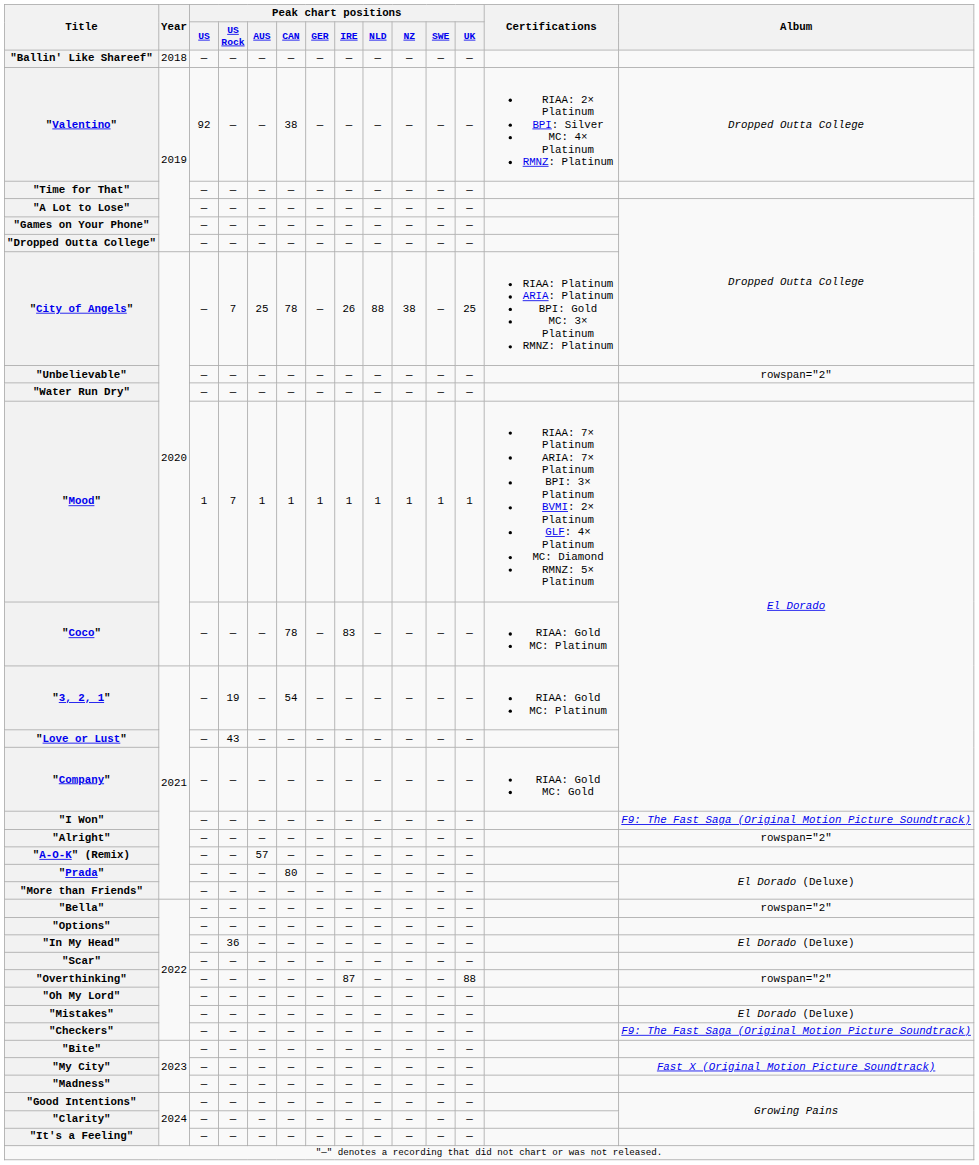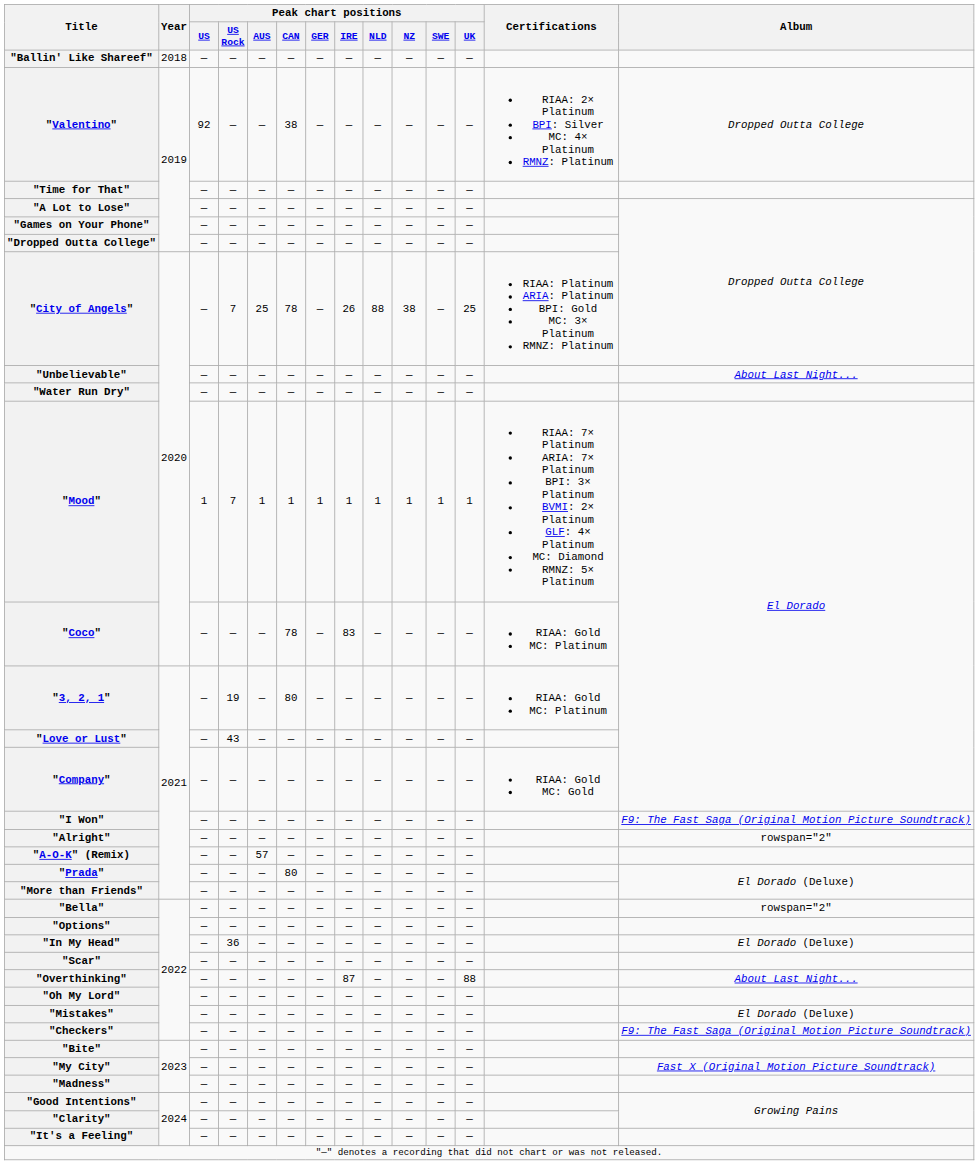 <table class="wikitable plainrowheaders" style="text-align:center">
 <tr>
 <th rowspan="2">Title</th>
 <th rowspan="2">Year</th>
 <th colspan="10">Peak chart positions</th>
 <th rowspan="2" style="width:12em;">Certifications</th>
 <th rowspan="2">Album</th>
 </tr>
 <tr>
 <th scope="col" style="width:2.5em;font-size:90%;"><a href='#'>US</a><br></th>
 <th scope="col" style="width:2.5em;font-size:90%;"><a href='#'>US<br>Rock</a><br></th>
 <th scope="col" style="width:2.5em;font-size:90%;"><a href='#'>AUS</a><br></th>
 <th scope="col" style="width:2.5em;font-size:90%;"><a href='#'>CAN</a><br></th>
 <th scope="col" style="width:2.5em;font-size:90%;"><a href='#'>GER</a><br></th>
 <th scope="col" style="width:2.5em;font-size:90%;"><a href='#'>IRE</a><br></th>
 <th scope="col" style="width:2.5em;font-size:90%;"><a href='#'>NLD</a><br></th>
 <th scope="col" style="width:3em;font-size:90%;"><a href='#'>NZ</a><br></th>
 <th scope="col" style="width:2.5em;font-size:90%;"><a href='#'>SWE</a><br></th>
 <th scope="col" style="width:2.5em;font-size:90%;"><a href='#'>UK</a><br></th>
 </tr>
 <tr>
 <th scope="row">"Ballin' Like Shareef"</th>
 <td>2018</td>
 <td>—</td>
 <td>—</td>
 <td>—</td>
 <td>—</td>
 <td>—</td>
 <td>—</td>
 <td>—</td>
 <td>—</td>
 <td>—</td>
 <td>—</td>
 <td></td>
 <td></td>
 </tr>
 <tr>
 <th scope="row">"<a href='#'>Valentino</a>"</th>
 <td rowspan="5">2019</td>
 <td>92</td>
 <td>—</td>
 <td>—</td>
 <td>38</td>
 <td>—</td>
 <td>—</td>
 <td>—</td>
 <td>—</td>
 <td>—</td>
 <td>—</td>
 <td><br><ul><li>RIAA: 2× Platinum</li><li><a href='#'>BPI</a>: Silver</li><li>MC: 4× Platinum</li><li><a href='#'>RMNZ</a>: Platinum</li></ul></td>
 <td><em>Dropped Outta College</em></td>
 </tr>
 <tr>
 <th scope="row">"Time for That"</th>
 <td>—</td>
 <td>—</td>
 <td>—</td>
 <td>—</td>
 <td>—</td>
 <td>—</td>
 <td>—</td>
 <td>—</td>
 <td>—</td>
 <td>—</td>
 <td></td>
 <td></td>
 </tr>
 <tr>
 <th scope="row">"A Lot to Lose"</th>
 <td>—</td>
 <td>—</td>
 <td>—</td>
 <td>—</td>
 <td>—</td>
 <td>—</td>
 <td>—</td>
 <td>—</td>
 <td>—</td>
 <td>—</td>
 <td></td>
 <td rowspan="4"><em>Dropped Outta College</em></td>
 </tr>
 <tr>
 <th scope="row">"Games on Your Phone"</th>
 <td>—</td>
 <td>—</td>
 <td>—</td>
 <td>—</td>
 <td>—</td>
 <td>—</td>
 <td>—</td>
 <td>—</td>
 <td>—</td>
 <td>—</td>
 <td></td>
 </tr>
 <tr>
 <th scope="row">"Dropped Outta College"</th>
 <td>—</td>
 <td>—</td>
 <td>—</td>
 <td>—</td>
 <td>—</td>
 <td>—</td>
 <td>—</td>
 <td>—</td>
 <td>—</td>
 <td>—</td>
 <td></td>
 </tr>
 <tr>
 <th scope="row">"<a href='#'>City of Angels</a>"</th>
 <td rowspan="5">2020</td>
 <td>—</td>
 <td>7</td>
 <td>25</td>
 <td>78</td>
 <td>—</td>
 <td>26</td>
 <td>88</td>
 <td>38</td>
 <td>—</td>
 <td>25</td>
 <td><br><ul><li>RIAA: Platinum</li><li><a href='#'>ARIA</a>: Platinum</li><li>BPI: Gold</li><li>MC: 3× Platinum</li><li>RMNZ: Platinum</li></ul></td>
 </tr>
 <tr>
 <th scope="row">"Unbelievable"<br></th>
 <td>—</td>
 <td>—</td>
 <td>—</td>
 <td>—</td>
 <td>—</td>
 <td>—</td>
 <td>—</td>
 <td>—</td>
 <td>—</td>
 <td>—</td>
 <td></td>
-<td>rowspan="2" </td>
+<td><em><a href='#'>About Last Night...</a></em></td>
 </tr>
 <tr>
 <th scope="row">"Water Run Dry"<br></th>
 <td>—</td>
 <td>—</td>
 <td>—</td>
 <td>—</td>
 <td>—</td>
 <td>—</td>
 <td>—</td>
 <td>—</td>
 <td>—</td>
 <td>—</td>
 <td></td>
 </tr>
 <tr>
 <th scope="row">"<a href='#'>Mood</a>"<br></th>
 <td>1</td>
 <td>7</td>
 <td>1</td>
 <td>1</td>
 <td>1</td>
 <td>1</td>
 <td>1</td>
 <td>1</td>
 <td>1</td>
 <td>1</td>
 <td><br><ul><li>RIAA: 7× Platinum</li><li>ARIA: 7× Platinum</li><li>BPI: 3× Platinum</li><li><a href='#'>BVMI</a>: 2× Platinum</li><li><a href='#'>GLF</a>: 4× Platinum</li><li>MC: Diamond</li><li>RMNZ: 5× Platinum</li></ul></td>
 <td rowspan="5"><em><a href='#'>El Dorado</a></em></td>
 </tr>
 <tr>
 <th scope="row">"<a href='#'>Coco</a>"<br></th>
 <td>—</td>
 <td>—</td>
 <td>—</td>
 <td>78</td>
 <td>—</td>
 <td>83</td>
 <td>—</td>
 <td>—</td>
 <td>—</td>
 <td>—</td>
 <td><br><ul><li>RIAA: Gold</li><li>MC: Platinum</li></ul></td>
 </tr>
 <tr>
 <th scope="row">"<a href='#'>3, 2, 1</a>"</th>
 <td rowspan="8">2021</td>
 <td>—</td>
 <td>19</td>
 <td>—</td>
-<td>54</td>
+<td>80</td>
 <td>—</td>
 <td>—</td>
 <td>—</td>
 <td>—</td>
 <td>—</td>
 <td>—</td>
 <td><br><ul><li>RIAA: Gold</li><li>MC: Platinum</li></ul></td>
 </tr>
 <tr>
 <th scope="row">"<a href='#'>Love or Lust</a>"</th>
 <td>—</td>
 <td>43</td>
 <td>—</td>
 <td>—</td>
 <td>—</td>
 <td>—</td>
 <td>—</td>
 <td>—</td>
 <td>—</td>
 <td>—</td>
 <td></td>
 </tr>
 <tr>
 <th scope="row">"<a href='#'>Company</a>"<br></th>
 <td>—</td>
 <td>—</td>
 <td>—</td>
 <td>—</td>
 <td>—</td>
 <td>—</td>
 <td>—</td>
 <td>—</td>
 <td>—</td>
 <td>—</td>
 <td><br><ul><li>RIAA: Gold</li><li>MC: Gold</li></ul></td>
 </tr>
 <tr>
 <th scope="row">"I Won"<br></th>
 <td>—</td>
 <td>—</td>
 <td>—</td>
 <td>—</td>
 <td>—</td>
 <td>—</td>
 <td>—</td>
 <td>—</td>
 <td>—</td>
 <td>—</td>
 <td></td>
 <td><em><a href='#'>F9: The Fast Saga (Original Motion Picture Soundtrack)</a></em></td>
 </tr>
 <tr>
 <th scope="row">"Alright"<br></th>
 <td>—</td>
 <td>—</td>
 <td>—</td>
 <td>—</td>
 <td>—</td>
 <td>—</td>
 <td>—</td>
 <td>—</td>
 <td>—</td>
 <td>—</td>
 <td></td>
 <td>rowspan="2" </td>
 </tr>
 <tr>
 <th scope="row">"<a href='#'>A-O-K</a>" (Remix)<br></th>
 <td>—</td>
 <td>—</td>
 <td>57</td>
 <td>—</td>
 <td>—</td>
 <td>—</td>
 <td>—</td>
 <td>—</td>
 <td>—</td>
 <td>—</td>
 <td></td>
 </tr>
 <tr>
 <th scope="row">"<a href='#'>Prada</a>"<br></th>
 <td>—</td>
 <td>—</td>
 <td>—</td>
 <td>80</td>
 <td>—</td>
 <td>—</td>
 <td>—</td>
 <td>—</td>
 <td>—</td>
 <td>—</td>
 <td></td>
 <td rowspan="2"><em>El Dorado</em> (Deluxe)</td>
 </tr>
 <tr>
 <th scope="row">"More than Friends"</th>
 <td>—</td>
 <td>—</td>
 <td>—</td>
 <td>—</td>
 <td>—</td>
 <td>—</td>
 <td>—</td>
 <td>—</td>
 <td>—</td>
 <td>—</td>
 <td></td>
 </tr>
 <tr>
 <th scope="row">"Bella"<br></th>
 <td rowspan="8">2022</td>
 <td>—</td>
 <td>—</td>
 <td>—</td>
 <td>—</td>
 <td>—</td>
 <td>—</td>
 <td>—</td>
 <td>—</td>
 <td>—</td>
 <td>—</td>
 <td></td>
 <td>rowspan="2" </td>
 </tr>
 <tr>
 <th scope="row">"Options"<br></th>
 <td>—</td>
 <td>—</td>
 <td>—</td>
 <td>—</td>
 <td>—</td>
 <td>—</td>
 <td>—</td>
 <td>—</td>
 <td>—</td>
 <td>—</td>
 <td></td>
 </tr>
 <tr>
 <th scope="row">"In My Head"<br></th>
 <td>—</td>
 <td>36</td>
 <td>—</td>
 <td>—</td>
 <td>—</td>
 <td>—</td>
 <td>—</td>
 <td>—</td>
 <td>—</td>
 <td>—</td>
 <td></td>
 <td><em>El Dorado</em> (Deluxe)</td>
 </tr>
 <tr>
 <th scope="row">"Scar"<br></th>
 <td>—</td>
 <td>—</td>
 <td>—</td>
 <td>—</td>
 <td>—</td>
 <td>—</td>
 <td>—</td>
 <td>—</td>
 <td>—</td>
 <td>—</td>
 <td></td>
 <td></td>
 </tr>
 <tr>
 <th scope="row">"Overthinking"<br></th>
 <td>—</td>
 <td>—</td>
 <td>—</td>
 <td>—</td>
 <td>—</td>
 <td>87</td>
 <td>—</td>
 <td>—</td>
 <td>—</td>
 <td>88</td>
 <td></td>
-<td>rowspan="2" </td>
+<td><em><a href='#'>About Last Night...</a></em></td>
 </tr>
 <tr>
 <th scope="row">"Oh My Lord"<br></th>
 <td>—</td>
 <td>—</td>
 <td>—</td>
 <td>—</td>
 <td>—</td>
 <td>—</td>
 <td>—</td>
 <td>—</td>
 <td>—</td>
 <td>—</td>
 <td></td>
 <td></td>
 </tr>
 <tr>
 <th scope="row">"Mistakes"</th>
 <td>—</td>
 <td>—</td>
 <td>—</td>
 <td>—</td>
 <td>—</td>
 <td>—</td>
 <td>—</td>
 <td>—</td>
 <td>—</td>
 <td>—</td>
 <td></td>
 <td><em>El Dorado</em> (Deluxe)</td>
 </tr>
 <tr>
 <th scope="row">"Checkers"<br></th>
 <td>—</td>
 <td>—</td>
 <td>—</td>
 <td>—</td>
 <td>—</td>
 <td>—</td>
 <td>—</td>
 <td>—</td>
 <td>—</td>
 <td>—</td>
 <td></td>
 <td><em><a href='#'>F9: The Fast Saga (Original Motion Picture Soundtrack)</a></em></td>
 </tr>
 <tr>
 <th scope="row">"Bite"</th>
 <td rowspan="3">2023</td>
 <td>—</td>
 <td>—</td>
 <td>—</td>
 <td>—</td>
 <td>—</td>
 <td>—</td>
 <td>—</td>
 <td>—</td>
 <td>—</td>
 <td>—</td>
 <td></td>
 </tr>
 <tr>
 <th scope="row">"My City"<br></th>
 <td>—</td>
 <td>—</td>
 <td>—</td>
 <td>—</td>
 <td>—</td>
 <td>—</td>
 <td>—</td>
 <td>—</td>
 <td>—</td>
 <td>—</td>
 <td></td>
 <td><em><a href='#'>Fast X (Original Motion Picture Soundtrack)</a></em></td>
 </tr>
 <tr>
 <th scope="row">"Madness"<br></th>
 <td>—</td>
 <td>—</td>
 <td>—</td>
 <td>—</td>
 <td>—</td>
 <td>—</td>
 <td>—</td>
 <td>—</td>
 <td>—</td>
 <td>—</td>
 <td></td>
 <td></td>
 </tr>
 <tr>
 <th scope="row">"Good Intentions"</th>
 <td rowspan="3">2024</td>
 <td>—</td>
 <td>—</td>
 <td>—</td>
 <td>—</td>
 <td>—</td>
 <td>—</td>
 <td>—</td>
 <td>—</td>
 <td>—</td>
 <td>—</td>
 <td></td>
 <td rowspan="2"><em>Growing Pains</em></td>
 </tr>
 <tr>
 <th scope="row">"Clarity"</th>
 <td>—</td>
 <td>—</td>
 <td>—</td>
 <td>—</td>
 <td>—</td>
 <td>—</td>
 <td>—</td>
 <td>—</td>
 <td>—</td>
 <td>—</td>
 <td></td>
 </tr>
 <tr>
 <th scope="row">"It's a Feeling"<br></th>
 <td>—</td>
 <td>—</td>
 <td>—</td>
 <td>—</td>
 <td>—</td>
 <td>—</td>
 <td>—</td>
 <td>—</td>
 <td>—</td>
 <td>—</td>
 <td></td>
 <td></td>
 </tr>
 <tr>
 <td colspan="14" style="font-size:85%">"—" denotes a recording that did not chart or was not released.</td>
 </tr>
 </table>
